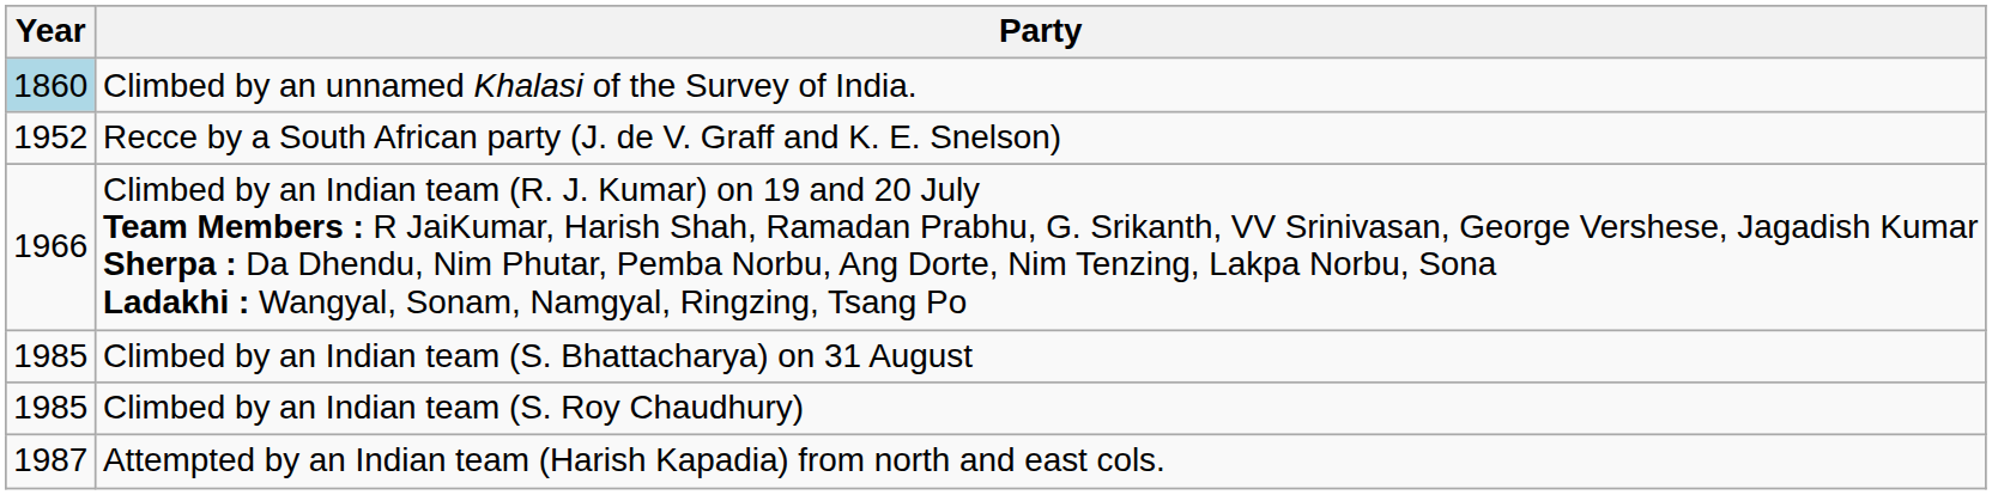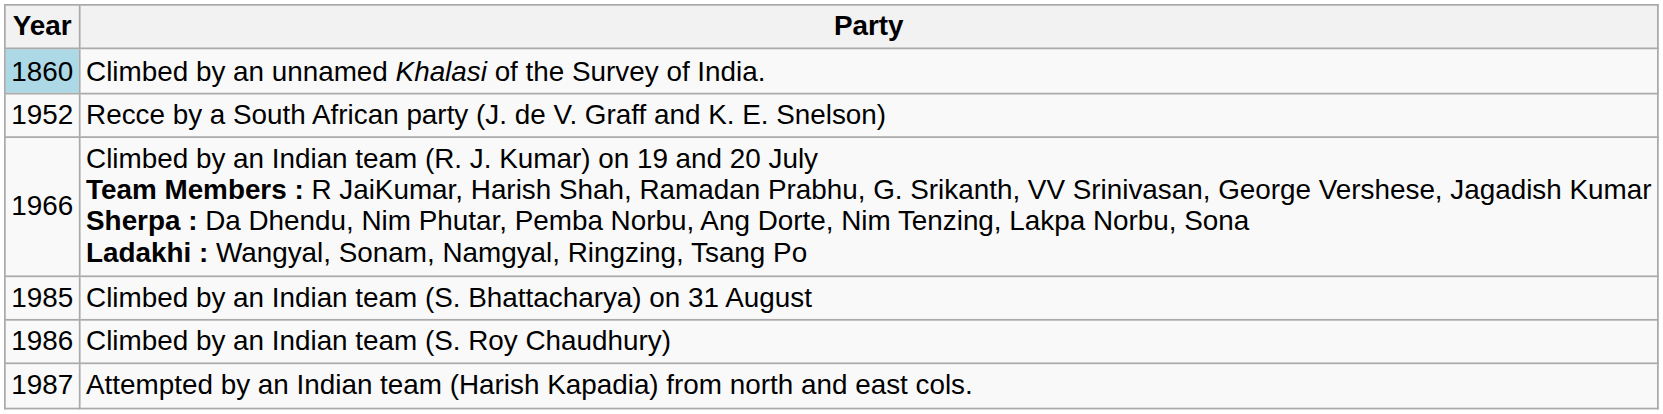 <table class="wikitable">
 <tr>
 <th>Year</th>
 <th>Party</th>
 </tr>
 <tr>
 <td style="background: lightblue;">1860</td>
 <td>Climbed by an unnamed <em>Khalasi</em> of the Survey of India.</td>
 </tr>
 <tr>
 <td>1952</td>
 <td>Recce by a South African party (J. de V. Graff and K. E. Snelson)</td>
 </tr>
 <tr>
 <td>1966</td>
 <td>Climbed by an Indian team (R. J. Kumar) on 19 and 20 July<br><strong>Team Members :</strong> R JaiKumar, Harish Shah, Ramadan Prabhu, G. Srikanth, VV Srinivasan, George Vershese, Jagadish Kumar<br><strong>Sherpa :</strong> Da Dhendu, Nim Phutar, Pemba Norbu, Ang Dorte, Nim Tenzing, Lakpa Norbu, Sona<br><strong>Ladakhi :</strong> Wangyal, Sonam, Namgyal, Ringzing, Tsang Po </td>
 </tr>
 <tr>
 <td>1985</td>
 <td>Climbed by an Indian team (S. Bhattacharya) on 31 August</td>
 </tr>
 <tr>
-<td>1985</td>
+<td>1986</td>
 <td>Climbed by an Indian team (S. Roy Chaudhury)</td>
 </tr>
 <tr>
 <td>1987</td>
 <td>Attempted by an Indian team (Harish Kapadia) from north and east cols.</td>
 </tr>
 </table>
